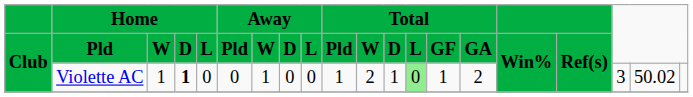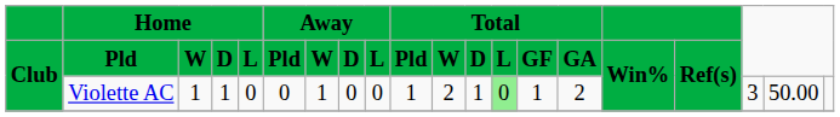 <table class="wikitable plainrowheaders sortable" style="text-align:center">
 <tr>
 <th style="background-color:#00AE42; color:#000000"></th>
 <th style="background-color:#00AE42; color:#000000" colspan="4">Home</th>
 <th style="background-color:#00AE42; color:#000000" colspan="4">Away</th>
 <th style="background-color:#00AE42; color:#000000" colspan="6">Total</th>
 <th style="background-color:#00AE42; color:#000000" colspan="2"></th>
 </tr>
 <tr>
 <th style="background-color:#00AE42; color:#000000" rowspan="2">Club</th>
 <th style="background-color:#00AE42; color:#000000">Pld</th>
 <th style="background-color:#00AE42; color:#000000">W</th>
 <th style="background-color:#00AE42; color:#000000">D</th>
 <th style="background-color:#00AE42; color:#000000">L</th>
 <th style="background-color:#00AE42; color:#000000">Pld</th>
 <th style="background-color:#00AE42; color:#000000">W</th>
 <th style="background-color:#00AE42; color:#000000">D</th>
 <th style="background-color:#00AE42; color:#000000">L</th>
 <th style="background-color:#00AE42; color:#000000">Pld</th>
 <th style="background-color:#00AE42; color:#000000">W</th>
 <th style="background-color:#00AE42; color:#000000">D</th>
 <th style="background-color:#00AE42; color:#000000">L</th>
 <th style="background-color:#00AE42; color:#000000">GF</th>
 <th style="background-color:#00AE42; color:#000000">GA</th>
 <th style="background-color:#00AE42; color:#000000" rowspan="2">Win%</th>
 <th style="background-color:#00AE42; color:#000000" class="unsortable" rowspan="2">Ref(s)</th>
 </tr>
 <tr>
 <td><a href='#'>Violette AC</a></td>
 <td>1</td>
-<td><strong>1</strong></td>
+<td>1</td>
 <td>0</td>
 <td>0</td>
 <td>1</td>
 <td>0</td>
 <td>0</td>
 <td>1</td>
 <td>2</td>
 <td>1</td>
 <td style="background: lightgreen;">0</td>
 <td>1</td>
 <td>2</td>
 <td>3</td>
-<td>50.02</td>
+<td>50.00</td>
 <td></td>
 </tr>
 <tr>
 </tr>
 </table>
